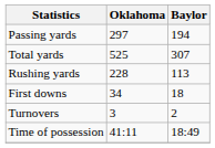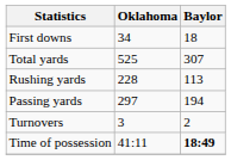 <table class="wikitable" style="float: right;">
 <tr>
 <th>Statistics</th>
 <th>Oklahoma</th>
 <th>Baylor</th>
 </tr>
 <tr>
-<td>Passing yards</td>
-<td>297</td>
-<td>194</td>
+<td>First downs</td>
+<td>34</td>
+<td>18</td>
 </tr>
 <tr>
 <td>Total yards</td>
 <td>525</td>
 <td>307</td>
 </tr>
 <tr>
 <td>Rushing yards</td>
 <td>228</td>
 <td>113</td>
 </tr>
 <tr>
-<td>First downs</td>
-<td>34</td>
-<td>18</td>
+<td>Passing yards</td>
+<td>297</td>
+<td>194</td>
 </tr>
 <tr>
 <td>Turnovers</td>
 <td>3</td>
 <td>2</td>
 </tr>
 <tr>
 <td>Time of possession</td>
 <td>41:11</td>
-<td>18:49</td>
+<td><strong>18:49</strong></td>
 </tr>
 <tr>
 </tr>
 </table>
